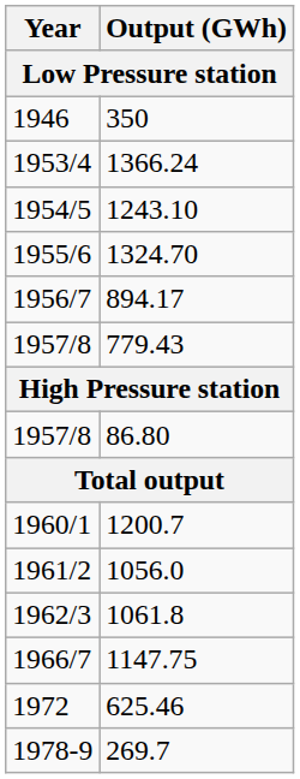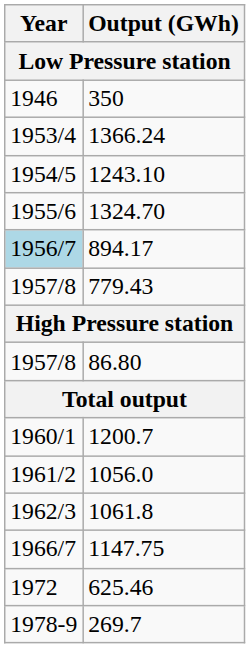 <table class="wikitable">
 <tr>
 <th>Year</th>
 <th>Output  (GWh)</th>
 </tr>
 <tr>
 <th colspan="2">Low  Pressure station</th>
 </tr>
 <tr>
 <td>1946</td>
 <td>350</td>
 </tr>
 <tr>
 <td>1953/4</td>
 <td>1366.24</td>
 </tr>
 <tr>
 <td>1954/5</td>
 <td>1243.10</td>
 </tr>
 <tr>
 <td>1955/6</td>
 <td>1324.70</td>
 </tr>
 <tr>
-<td>1956/7</td>
+<td style="background: lightblue;">1956/7</td>
 <td>894.17</td>
 </tr>
 <tr>
 <td>1957/8</td>
 <td>779.43</td>
 </tr>
 <tr>
 <th colspan="2">High  Pressure station</th>
 </tr>
 <tr>
 <td>1957/8</td>
 <td>86.80</td>
 </tr>
 <tr>
 <th colspan="2">Total output</th>
 </tr>
 <tr>
 <td>1960/1</td>
 <td>1200.7</td>
 </tr>
 <tr>
 <td>1961/2</td>
 <td>1056.0</td>
 </tr>
 <tr>
 <td>1962/3</td>
 <td>1061.8</td>
 </tr>
 <tr>
 <td>1966/7</td>
 <td>1147.75</td>
 </tr>
 <tr>
 <td>1972</td>
 <td>625.46</td>
 </tr>
 <tr>
 <td>1978-9</td>
 <td>269.7</td>
 </tr>
 </table>
